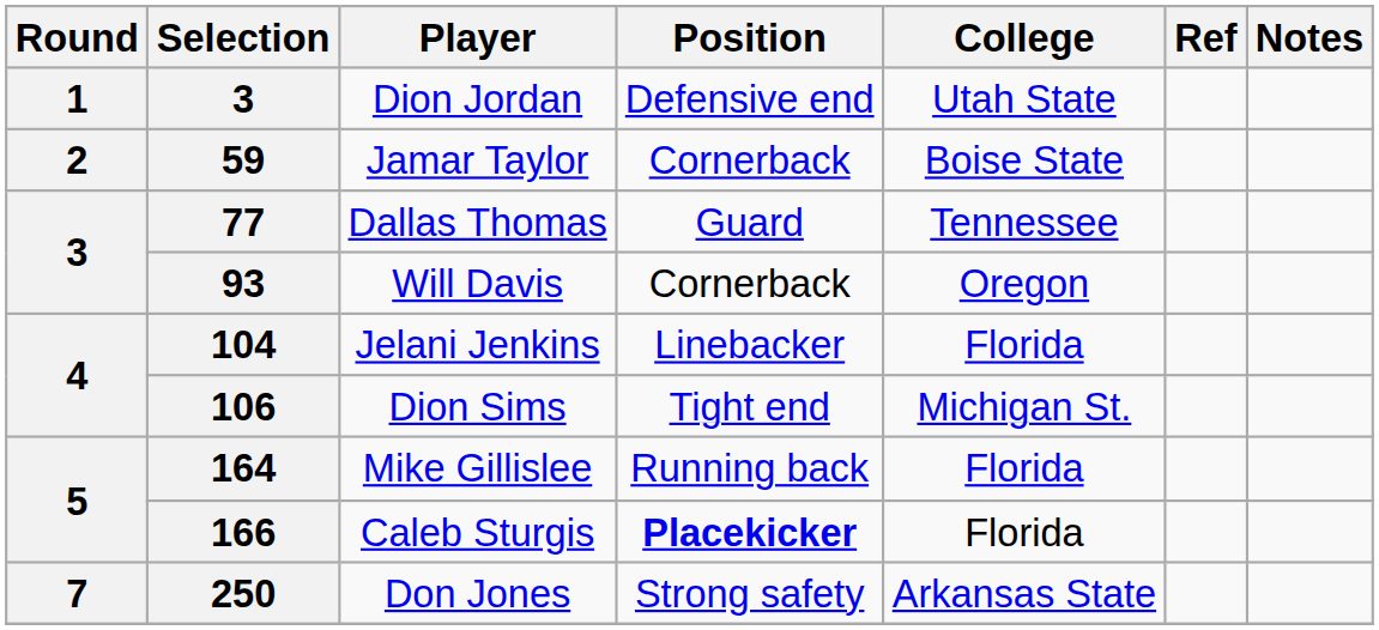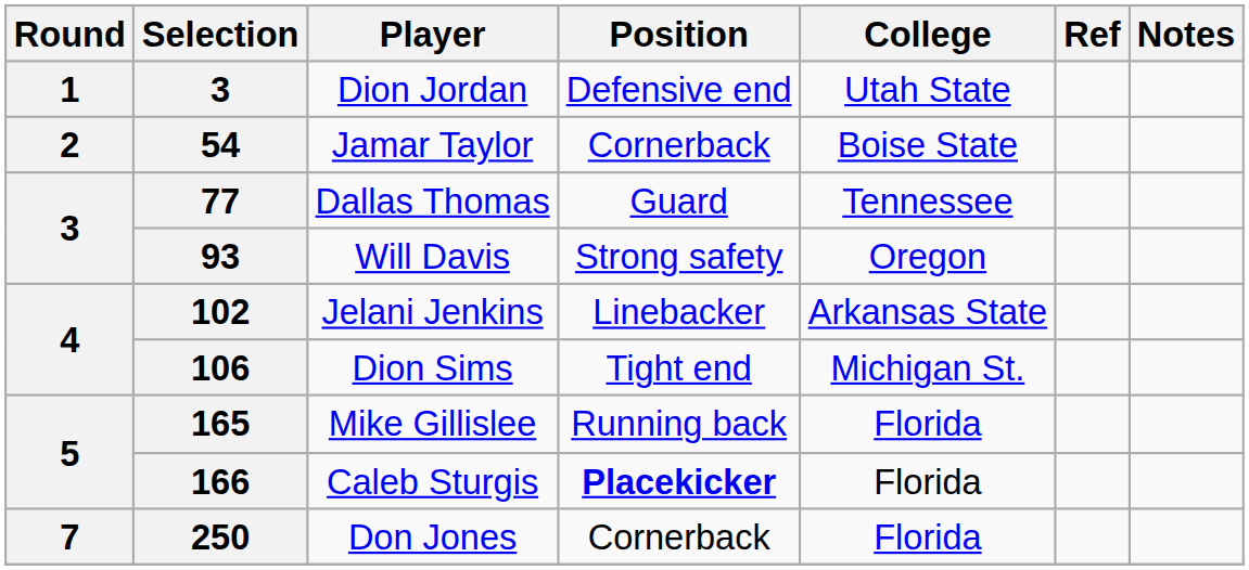 <table class="wikitable" style="font-size: 95%; margin:auto; style=text-align:center">
 <tr>
 <th>Round</th>
 <th>Selection</th>
 <th>Player</th>
 <th>Position</th>
 <th>College</th>
 <th>Ref</th>
 <th>Notes</th>
 </tr>
 <tr style=text-align:center>
 <th>1</th>
 <th>3</th>
 <td style="text-align:center;"><a href='#'>Dion Jordan</a></td>
 <td style="text-align:center;"><a href='#'>Defensive end</a></td>
 <td><a href='#'>Utah State</a></td>
 <td></td>
 <td></td>
 </tr>
 <tr style=text-align:center>
 <th>2</th>
-<th>59</th>
+<th>54</th>
 <td><a href='#'>Jamar Taylor</a></td>
 <td><a href='#'>Cornerback</a></td>
 <td><a href='#'>Boise State</a></td>
 <td></td>
 <td> </td>
 </tr>
 <tr style=text-align:center>
 <th rowspan = 2>3</th>
 <th>77</th>
 <td><a href='#'>Dallas Thomas</a></td>
 <td><a href='#'>Guard</a></td>
 <td><a href='#'>Tennessee</a></td>
 <td></td>
 <td></td>
 </tr>
 <tr style=text-align:center>
 <th>93</th>
 <td><a href='#'>Will Davis</a></td>
-<td>Cornerback</td>
+<td><a href='#'>Strong safety</a></td>
 <td style="text-align:center;"><a href='#'>Oregon</a></td>
 <td></td>
 <td></td>
 </tr>
 <tr style=text-align:center>
 <th rowspan=2>4</th>
-<th>104</th>
+<th>102</th>
 <td><a href='#'>Jelani Jenkins</a></td>
 <td><a href='#'>Linebacker</a></td>
-<td><a href='#'>Florida</a></td>
+<td><a href='#'>Arkansas State</a></td>
 <td></td>
 <td></td>
 </tr>
 <tr style=text-align:center>
 <th>106</th>
 <td><a href='#'>Dion Sims</a></td>
 <td><a href='#'>Tight end</a></td>
 <td><a href='#'>Michigan St.</a></td>
 <td></td>
 <td></td>
 </tr>
 <tr style=text-align:center>
 <th rowspan=2>5</th>
-<th>164</th>
+<th>165</th>
 <td><a href='#'>Mike Gillislee</a></td>
 <td><a href='#'>Running back</a></td>
 <td><a href='#'>Florida</a></td>
 <td></td>
 <td> </td>
 </tr>
 <tr style=text-align:center>
 <th>166</th>
 <td><a href='#'>Caleb Sturgis</a></td>
 <td><strong><a href='#'>Placekicker</a></strong></td>
 <td>Florida</td>
 <td></td>
 <td></td>
 </tr>
 <tr style=text-align:center>
 <th rowspan=1>7</th>
 <th>250</th>
 <td><a href='#'>Don Jones</a></td>
-<td><a href='#'>Strong safety</a></td>
-<td><a href='#'>Arkansas State</a></td>
+<td>Cornerback</td>
+<td><a href='#'>Florida</a></td>
 <td></td>
 <td>  </td>
 </tr>
 <tr style=text-align:center>
 </tr>
 </table>
